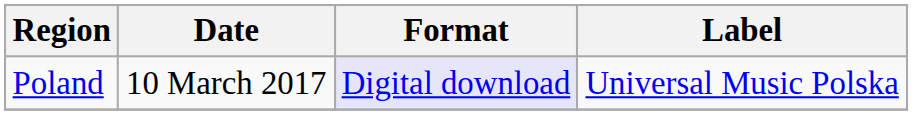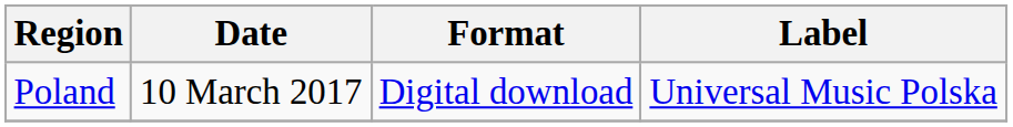 <table class=wikitable>
 <tr>
 <th>Region</th>
 <th>Date</th>
 <th>Format</th>
 <th>Label</th>
 </tr>
 <tr>
 <td><a href='#'>Poland</a></td>
 <td>10 March 2017</td>
-<td style="background: lavender;"><a href='#'>Digital download</a></td>
+<td><a href='#'>Digital download</a></td>
 <td><a href='#'>Universal Music Polska</a></td>
 </tr>
 <tr>
 </tr>
 </table>
